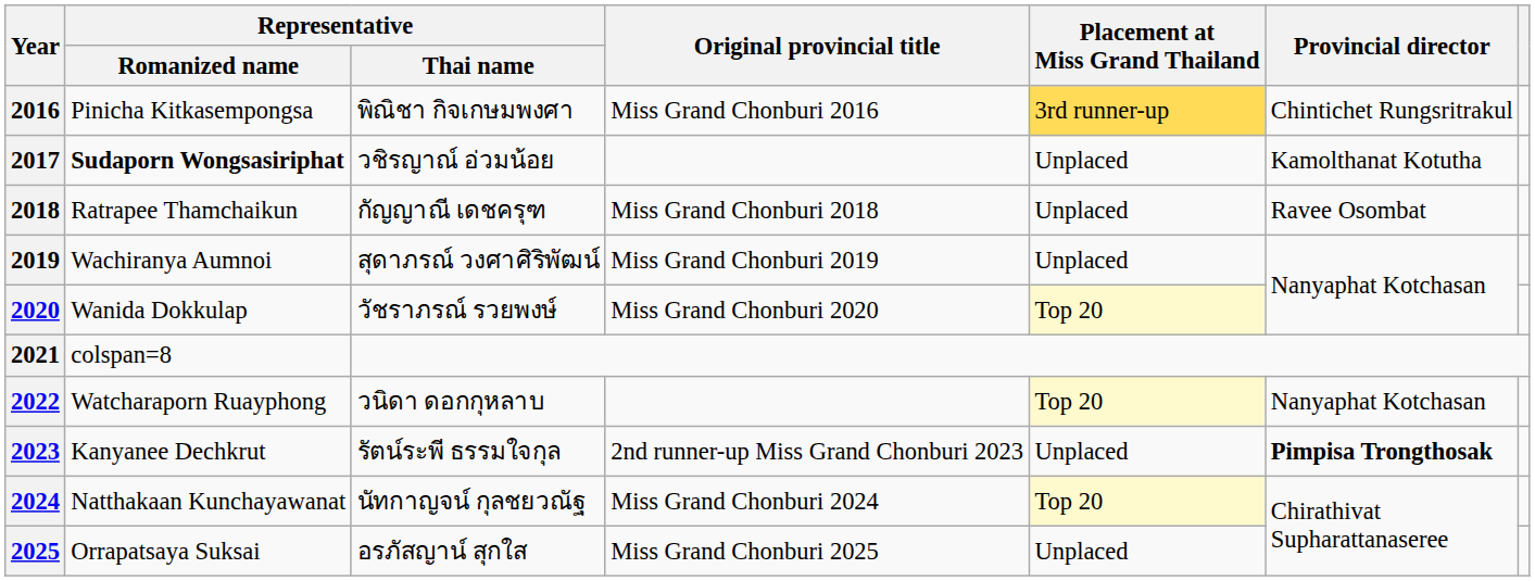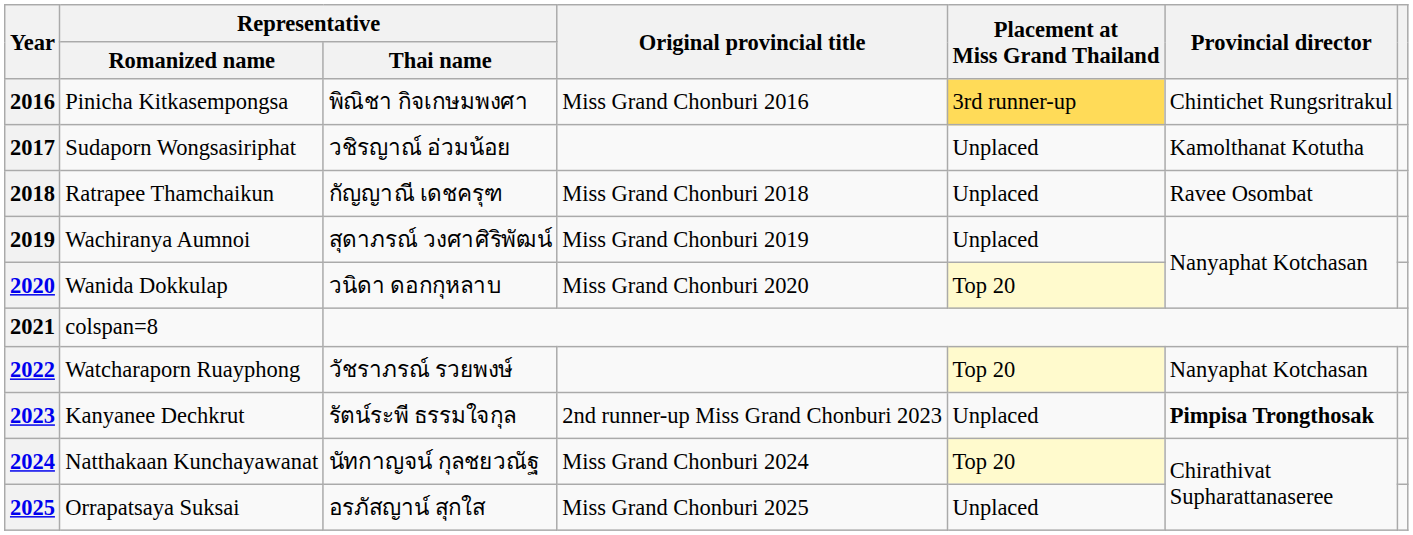 <table class="wikitable defaultcenter col2left col3left col6left" style="font-size:95%;">
 <tr>
 <th rowspan=2>Year</th>
 <th colspan=2>Representative</th>
 <th rowspan=2>Original provincial title</th>
 <th rowspan=2>Placement at<br>Miss Grand Thailand</th>
 <th rowspan=2>Provincial director</th>
 <th rowspan=2></th>
 </tr>
 <tr>
 <th>Romanized name</th>
 <th>Thai name</th>
 </tr>
 <tr>
 <th>2016</th>
 <td>Pinicha Kitkasempongsa</td>
 <td>พิณิชา กิจเกษมพงศา</td>
 <td>Miss Grand Chonburi 2016</td>
 <td bgcolor=#FFDB58>3rd runner-up</td>
 <td>Chintichet Rungsritrakul</td>
 <td></td>
 </tr>
 <tr>
 <th>2017</th>
-<td><strong>Sudaporn Wongsasiriphat</strong></td>
+<td>Sudaporn Wongsasiriphat</td>
 <td>วชิรญาณ์ อ่วมน้อย</td>
 <td></td>
 <td>Unplaced</td>
 <td>Kamolthanat Kotutha</td>
 <td></td>
 </tr>
 <tr>
 <th>2018</th>
 <td>Ratrapee Thamchaikun</td>
 <td>กัญญาณี เดชครุฑ</td>
 <td>Miss Grand Chonburi 2018</td>
 <td>Unplaced</td>
 <td>Ravee Osombat</td>
 <td></td>
 </tr>
 <tr>
 <th>2019</th>
 <td>Wachiranya Aumnoi</td>
 <td>สุดาภรณ์ วงศาศิริพัฒน์</td>
 <td>Miss Grand Chonburi 2019</td>
 <td>Unplaced</td>
 <td rowspan=2>Nanyaphat Kotchasan</td>
 <td></td>
 </tr>
 <tr>
 <th><a href='#'>2020</a></th>
 <td>Wanida Dokkulap</td>
-<td>วัชราภรณ์ รวยพงษ์</td>
+<td>วนิดา ดอกกุหลาบ</td>
 <td>Miss Grand Chonburi 2020</td>
 <td bgcolor=#FFFACD>Top 20</td>
 <td></td>
 </tr>
 <tr>
 <th>2021</th>
 <td>colspan=8 </td>
 </tr>
 <tr>
 <th><a href='#'>2022</a></th>
 <td>Watcharaporn Ruayphong</td>
-<td>วนิดา ดอกกุหลาบ</td>
+<td>วัชราภรณ์ รวยพงษ์</td>
 <td></td>
 <td bgcolor=#FFFACD>Top 20</td>
 <td>Nanyaphat Kotchasan</td>
 <td></td>
 </tr>
 <tr>
 <th><a href='#'>2023</a></th>
 <td>Kanyanee Dechkrut</td>
 <td>รัตน์ระพี ธรรมใจกุล</td>
 <td>2nd runner-up Miss Grand Chonburi 2023</td>
 <td>Unplaced</td>
 <td><strong>Pimpisa Trongthosak</strong></td>
 <td></td>
 </tr>
 <tr>
 <th><a href='#'>2024</a></th>
 <td>Natthakaan Kunchayawanat</td>
 <td>นัทกาญจน์ กุลชยวณัฐ</td>
 <td>Miss Grand Chonburi 2024</td>
 <td bgcolor=#FFFACD>Top 20</td>
 <td rowspan=2>Chirathivat<br>Supharattanaseree</td>
 <td></td>
 </tr>
 <tr>
 <th><a href='#'>2025</a></th>
 <td>Orrapatsaya Suksai</td>
 <td>อรภัสญาน์ สุกใส</td>
 <td>Miss Grand Chonburi 2025</td>
 <td>Unplaced</td>
 </tr>
 </table>
